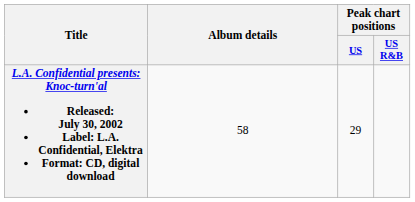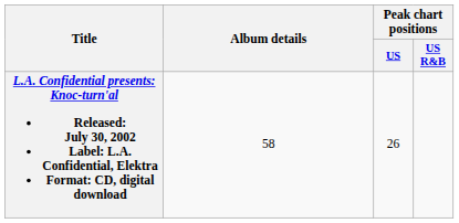 <table class="wikitable plainrowheaders" style="text-align:center;">
 <tr>
 <th scope="col" rowspan="2" style="width:12em;">Title</th>
 <th scope="col" rowspan="2" style="width:16em;">Album details</th>
 <th scope="col" colspan="2">Peak chart positions</th>
 </tr>
 <tr>
 <th style="width:3em;font-size:90%;"><a href='#'>US</a></th>
 <th style="width:3em;font-size:90%;"><a href='#'>US<br>R&B</a></th>
 </tr>
 <tr>
 <th scope="row"><em><a href='#'>L.A. Confidential presents: Knoc-turn'al</a></em><br><ul><li>Released: July 30, 2002</li><li>Label: L.A. Confidential, Elektra</li><li>Format: CD, digital download</li></ul></th>
 <td>58</td>
-<td>29</td>
+<td>26</td>
 </tr>
 </table>
